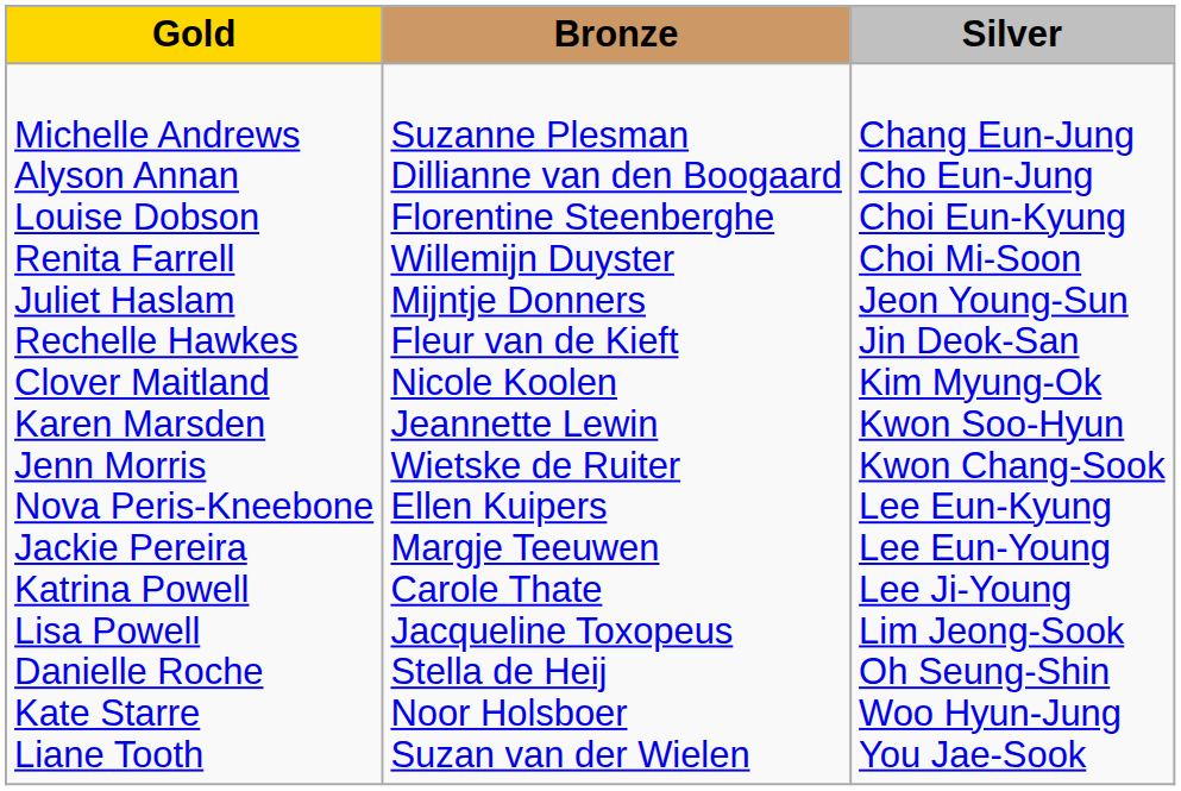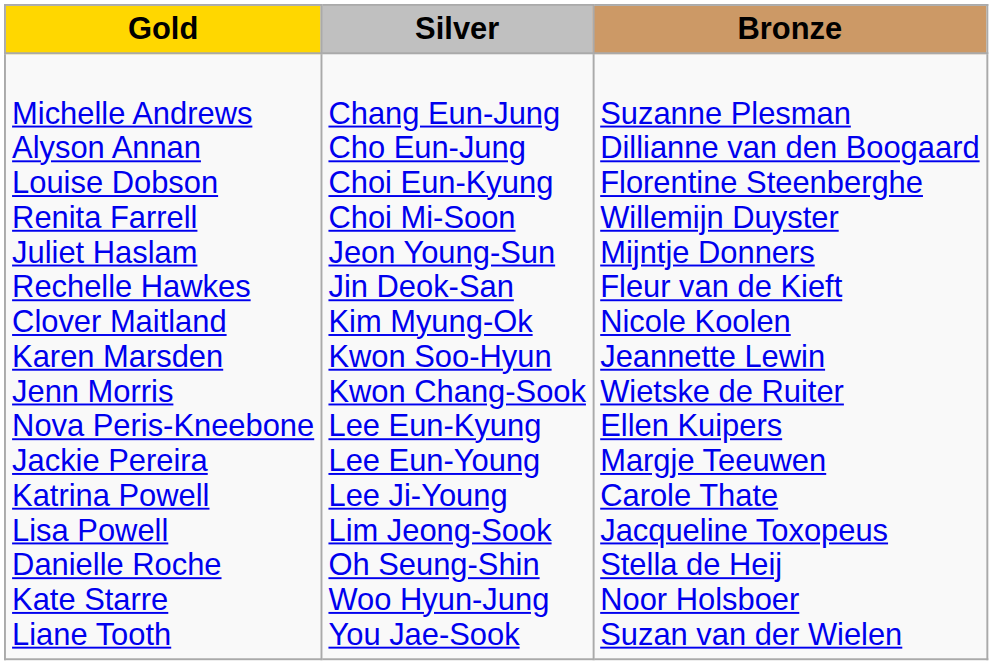 <table class=wikitable>
 <tr>
 <td align=center bgcolor=gold> <strong>Gold</strong></td>
+<td align=center bgcolor=silver> <strong>Silver</strong></td>
 <td align=center bgcolor=cc9966> <strong>Bronze</strong></td>
-<td align=center bgcolor=silver> <strong>Silver</strong></td>
 </tr>
 <tr>
 <td valign=top><br><a href='#'>Michelle Andrews</a><br><a href='#'>Alyson Annan</a><br><a href='#'>Louise Dobson</a><br><a href='#'>Renita Farrell</a><br><a href='#'>Juliet Haslam</a><br><a href='#'>Rechelle Hawkes</a><br><a href='#'>Clover Maitland</a><br><a href='#'>Karen Marsden</a><br><a href='#'>Jenn Morris</a><br><a href='#'>Nova Peris-Kneebone</a><br><a href='#'>Jackie Pereira</a><br><a href='#'>Katrina Powell</a><br><a href='#'>Lisa Powell</a><br><a href='#'>Danielle Roche</a><br><a href='#'>Kate Starre</a><br><a href='#'>Liane Tooth</a></td>
+<td valign=top><br><a href='#'>Chang Eun-Jung</a><br><a href='#'>Cho Eun-Jung</a><br><a href='#'>Choi Eun-Kyung</a><br><a href='#'>Choi Mi-Soon</a><br><a href='#'>Jeon Young-Sun</a><br><a href='#'>Jin Deok-San</a><br><a href='#'>Kim Myung-Ok</a><br><a href='#'>Kwon Soo-Hyun</a><br><a href='#'>Kwon Chang-Sook</a><br><a href='#'>Lee Eun-Kyung</a><br><a href='#'>Lee Eun-Young</a><br><a href='#'>Lee Ji-Young</a><br><a href='#'>Lim Jeong-Sook</a><br><a href='#'>Oh Seung-Shin</a><br><a href='#'>Woo Hyun-Jung</a><br><a href='#'>You Jae-Sook</a></td>
 <td valign=top><br><a href='#'>Suzanne Plesman</a><br><a href='#'>Dillianne van den Boogaard</a><br><a href='#'>Florentine Steenberghe</a><br><a href='#'>Willemijn Duyster</a><br><a href='#'>Mijntje Donners</a><br><a href='#'>Fleur van de Kieft</a><br><a href='#'>Nicole Koolen</a><br><a href='#'>Jeannette Lewin</a><br><a href='#'>Wietske de Ruiter</a><br><a href='#'>Ellen Kuipers</a><br><a href='#'>Margje Teeuwen</a><br><a href='#'>Carole Thate</a><br><a href='#'>Jacqueline Toxopeus</a><br><a href='#'>Stella de Heij</a><br><a href='#'>Noor Holsboer</a><br><a href='#'>Suzan van der Wielen</a></td>
-<td valign=top><br><a href='#'>Chang Eun-Jung</a><br><a href='#'>Cho Eun-Jung</a><br><a href='#'>Choi Eun-Kyung</a><br><a href='#'>Choi Mi-Soon</a><br><a href='#'>Jeon Young-Sun</a><br><a href='#'>Jin Deok-San</a><br><a href='#'>Kim Myung-Ok</a><br><a href='#'>Kwon Soo-Hyun</a><br><a href='#'>Kwon Chang-Sook</a><br><a href='#'>Lee Eun-Kyung</a><br><a href='#'>Lee Eun-Young</a><br><a href='#'>Lee Ji-Young</a><br><a href='#'>Lim Jeong-Sook</a><br><a href='#'>Oh Seung-Shin</a><br><a href='#'>Woo Hyun-Jung</a><br><a href='#'>You Jae-Sook</a></td>
 </tr>
 </table>
